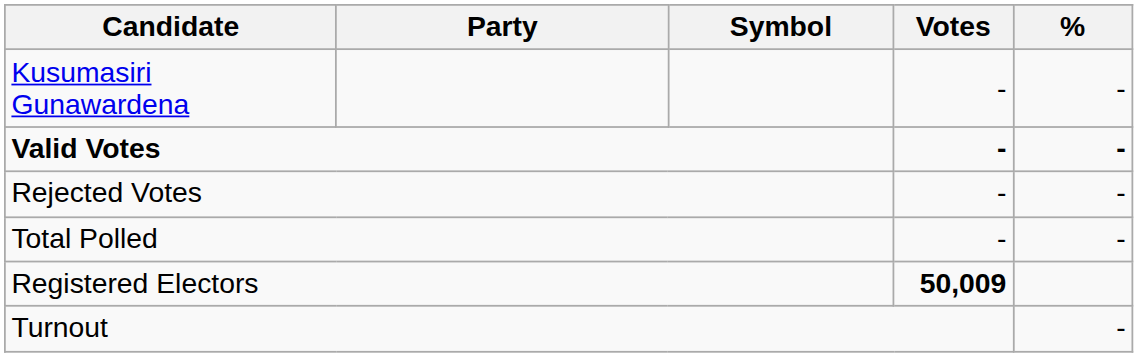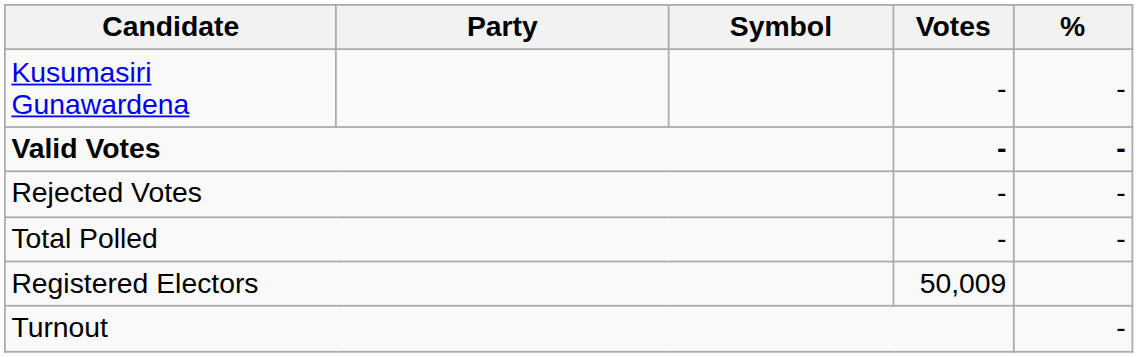 <table class="wikitable" border="1" style="text-align:right;">
 <tr>
 <th align=left width="180">Candidate</th>
 <th align=left width="180">Party</th>
 <th align=left width="120">Symbol</th>
 <th align=left width="60">Votes</th>
 <th align=left width="60">%</th>
 </tr>
 <tr>
 <td align=left><a href='#'>Kusumasiri Gunawardena</a></td>
 <td align=left></td>
 <td align=left></td>
 <td align=right>-</td>
 <td align=right>-</td>
 </tr>
 <tr>
 <td align=left colspan=3><strong>Valid Votes</strong></td>
 <td align=right><strong>-</strong></td>
 <td align=right><strong>-</strong></td>
 </tr>
 <tr>
 <td align=left colspan=3>Rejected Votes</td>
 <td align=right>-</td>
 <td align=right>-</td>
 </tr>
 <tr>
 <td align=left colspan=3>Total Polled</td>
 <td align=right>-</td>
 <td align=right>-</td>
 </tr>
 <tr>
 <td align=left colspan=3>Registered Electors</td>
-<td align=right><strong>50,009</strong></td>
+<td align=right>50,009</td>
 <td></td>
 </tr>
 <tr>
 <td align=left colspan=4>Turnout</td>
 <td align=right>-</td>
 </tr>
 </table>
